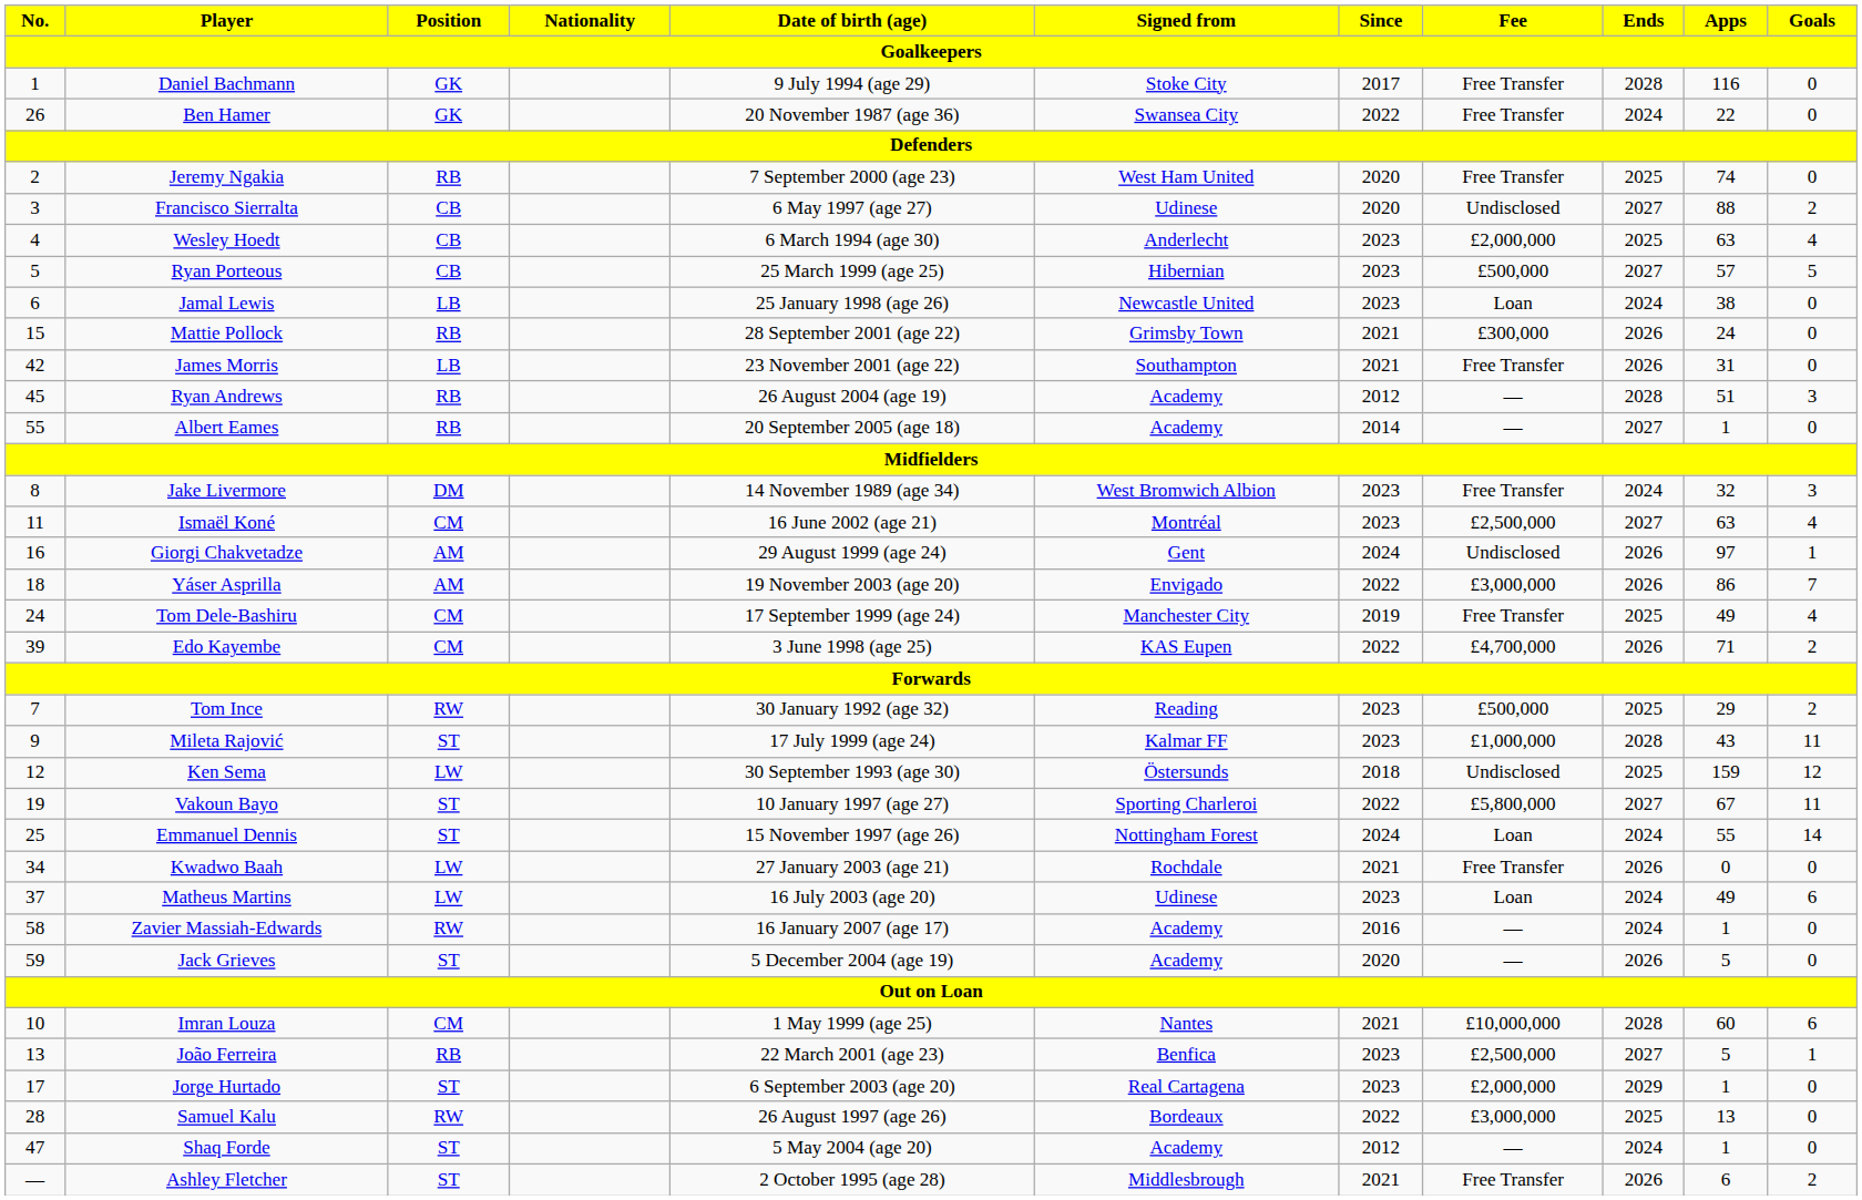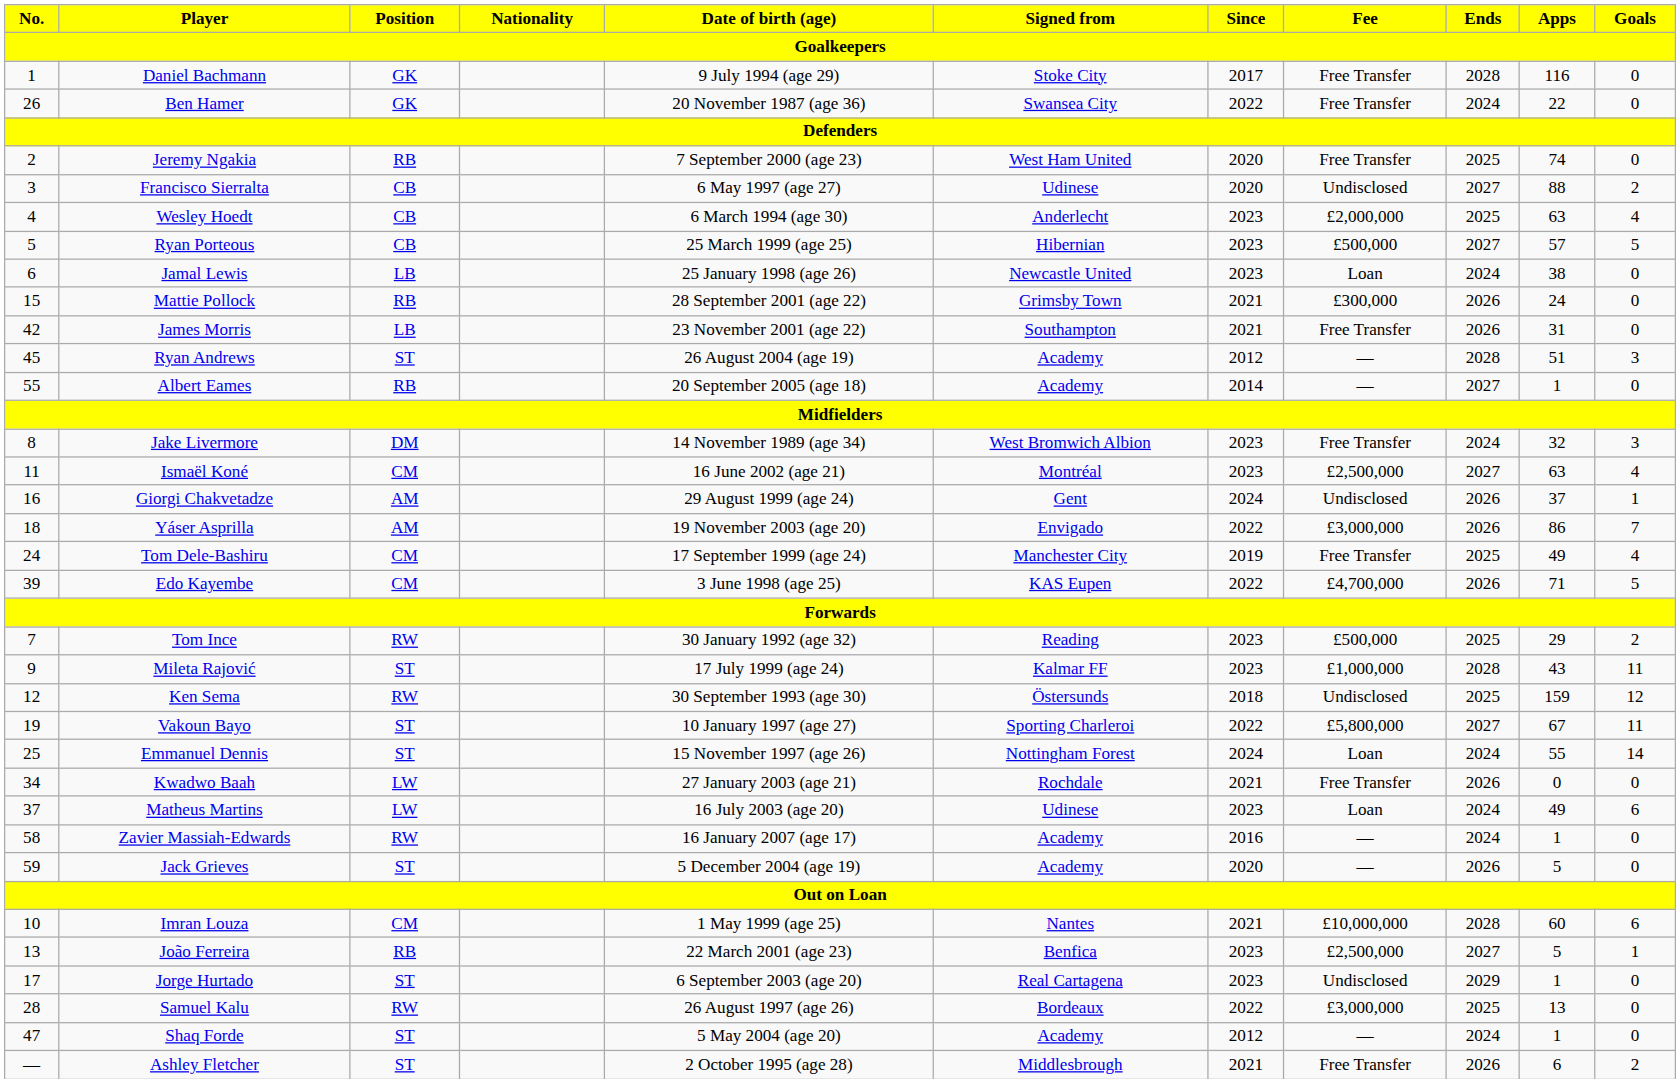 <table class="wikitable" style="text-align:center; font-size:85%; width:105%;">
 <tr>
 <th style="background:#FFFF00;color:black;">No.</th>
 <th style="background:#FFFF00;color:black;">Player</th>
 <th style="background:#FFFF00;color:black;">Position</th>
 <th style="background:#FFFF00;color:black;">Nationality</th>
 <th style="background:#FFFF00;color:black;">Date of birth (age)</th>
 <th style="background:#FFFF00;color:black;">Signed from</th>
 <th style="background:#FFFF00;color:black;">Since</th>
 <th style="background:#FFFF00;color:black;">Fee</th>
 <th style="background:#FFFF00;color:black;">Ends</th>
 <th style="background:#FFFF00;color:black;">Apps</th>
 <th style="background:#FFFF00;color:black;">Goals</th>
 </tr>
 <tr>
 <th colspan="14" style="background:#FFFF00; color:black; text-align:center;">Goalkeepers</th>
 </tr>
 <tr>
 <td>1</td>
 <td><a href='#'>Daniel Bachmann</a></td>
 <td><a href='#'>GK</a></td>
 <td></td>
 <td>9 July 1994 (age 29)</td>
 <td><a href='#'>Stoke City</a></td>
 <td>2017</td>
 <td>Free Transfer</td>
 <td>2028</td>
 <td>116</td>
 <td>0</td>
 </tr>
 <tr>
 <td>26</td>
 <td><a href='#'>Ben Hamer</a></td>
 <td><a href='#'>GK</a></td>
 <td></td>
 <td>20 November 1987 (age 36)</td>
 <td><a href='#'>Swansea City</a></td>
 <td>2022</td>
 <td>Free Transfer</td>
 <td>2024</td>
 <td>22</td>
 <td>0</td>
 </tr>
 <tr>
 <th colspan="14" style="background:#FFFF00; tepxt-align:center;">Defenders</th>
 </tr>
 <tr>
 <td>2</td>
 <td><a href='#'>Jeremy Ngakia</a></td>
 <td><a href='#'>RB</a></td>
 <td></td>
 <td>7 September 2000 (age 23)</td>
 <td><a href='#'>West Ham United</a></td>
 <td>2020</td>
 <td>Free Transfer</td>
 <td>2025</td>
 <td>74</td>
 <td>0</td>
 </tr>
 <tr>
 <td>3</td>
 <td><a href='#'>Francisco Sierralta</a></td>
 <td><a href='#'>CB</a></td>
 <td></td>
 <td>6 May 1997 (age 27)</td>
 <td><a href='#'>Udinese</a></td>
 <td>2020</td>
 <td>Undisclosed</td>
 <td>2027</td>
 <td>88</td>
 <td>2</td>
 </tr>
 <tr>
 <td>4</td>
 <td><a href='#'>Wesley Hoedt</a></td>
 <td><a href='#'>CB</a></td>
 <td></td>
 <td>6 March 1994 (age 30)</td>
 <td><a href='#'>Anderlecht</a></td>
 <td>2023</td>
 <td>£2,000,000</td>
 <td>2025</td>
 <td>63</td>
 <td>4</td>
 </tr>
 <tr>
 <td>5</td>
 <td><a href='#'>Ryan Porteous</a></td>
 <td><a href='#'>CB</a></td>
 <td></td>
 <td>25 March 1999 (age 25)</td>
 <td><a href='#'>Hibernian</a></td>
 <td>2023</td>
 <td>£500,000</td>
 <td>2027</td>
 <td>57</td>
 <td>5</td>
 </tr>
 <tr>
 <td>6</td>
 <td><a href='#'>Jamal Lewis</a></td>
 <td><a href='#'>LB</a></td>
 <td></td>
 <td>25 January 1998 (age 26)</td>
 <td><a href='#'>Newcastle United</a></td>
 <td>2023</td>
 <td>Loan</td>
 <td>2024</td>
 <td>38</td>
 <td>0</td>
 </tr>
 <tr>
 <td>15</td>
 <td><a href='#'>Mattie Pollock</a></td>
 <td><a href='#'>RB</a></td>
 <td></td>
 <td>28 September 2001 (age 22)</td>
 <td><a href='#'>Grimsby Town</a></td>
 <td>2021</td>
 <td>£300,000</td>
 <td>2026</td>
 <td>24</td>
 <td>0</td>
 </tr>
 <tr>
 <td>42</td>
 <td><a href='#'>James Morris</a></td>
 <td><a href='#'>LB</a></td>
 <td></td>
 <td>23 November 2001 (age 22)</td>
 <td><a href='#'>Southampton</a></td>
 <td>2021</td>
 <td>Free Transfer</td>
 <td>2026</td>
 <td>31</td>
 <td>0</td>
 </tr>
 <tr>
 <td>45</td>
 <td><a href='#'>Ryan Andrews</a></td>
-<td><a href='#'>RB</a></td>
+<td><a href='#'>ST</a></td>
 <td></td>
 <td>26 August 2004 (age 19)</td>
 <td><a href='#'>Academy</a></td>
 <td>2012</td>
 <td>—</td>
 <td>2028</td>
 <td>51</td>
 <td>3</td>
 </tr>
 <tr>
 <td>55</td>
 <td><a href='#'>Albert Eames</a></td>
 <td><a href='#'>RB</a></td>
 <td></td>
 <td>20 September 2005 (age 18)</td>
 <td><a href='#'>Academy</a></td>
 <td>2014</td>
 <td>—</td>
 <td>2027</td>
 <td>1</td>
 <td>0</td>
 </tr>
 <tr>
 <th colspan="14" style="background:#FFFF00; tepxt-align:center;">Midfielders</th>
 </tr>
 <tr>
 <td>8</td>
 <td><a href='#'>Jake Livermore</a></td>
 <td><a href='#'>DM</a></td>
 <td></td>
 <td>14 November 1989 (age 34)</td>
 <td><a href='#'>West Bromwich Albion</a></td>
 <td>2023</td>
 <td>Free Transfer</td>
 <td>2024</td>
 <td>32</td>
 <td>3</td>
 </tr>
 <tr>
 <td>11</td>
 <td><a href='#'>Ismaël Koné</a></td>
 <td><a href='#'>CM</a></td>
 <td></td>
 <td>16 June 2002 (age 21)</td>
 <td><a href='#'>Montréal</a></td>
 <td>2023</td>
 <td>£2,500,000</td>
 <td>2027</td>
 <td>63</td>
 <td>4</td>
 </tr>
 <tr>
 <td>16</td>
 <td><a href='#'>Giorgi Chakvetadze</a></td>
 <td><a href='#'>AM</a></td>
 <td></td>
 <td>29 August 1999 (age 24)</td>
 <td><a href='#'>Gent</a></td>
 <td>2024</td>
 <td>Undisclosed</td>
 <td>2026</td>
-<td>97</td>
+<td>37</td>
 <td>1</td>
 </tr>
 <tr>
 <td>18</td>
 <td><a href='#'>Yáser Asprilla</a></td>
 <td><a href='#'>AM</a></td>
 <td></td>
 <td>19 November 2003 (age 20)</td>
 <td><a href='#'>Envigado</a></td>
 <td>2022</td>
 <td>£3,000,000</td>
 <td>2026</td>
 <td>86</td>
 <td>7</td>
 </tr>
 <tr>
 <td>24</td>
 <td><a href='#'>Tom Dele-Bashiru</a></td>
 <td><a href='#'>CM</a></td>
 <td></td>
 <td>17 September 1999 (age 24)</td>
 <td><a href='#'>Manchester City</a></td>
 <td>2019</td>
 <td>Free Transfer</td>
 <td>2025</td>
 <td>49</td>
 <td>4</td>
 </tr>
 <tr>
 <td>39</td>
 <td><a href='#'>Edo Kayembe</a></td>
 <td><a href='#'>CM</a></td>
 <td></td>
 <td>3 June 1998 (age 25)</td>
 <td><a href='#'>KAS Eupen</a></td>
 <td>2022</td>
 <td>£4,700,000</td>
 <td>2026</td>
 <td>71</td>
-<td>2</td>
+<td>5</td>
 </tr>
 <tr>
 <th colspan="14" style="background:#FFFF00; tepxt-align:center;">Forwards</th>
 </tr>
 <tr>
 <td>7</td>
 <td><a href='#'>Tom Ince</a></td>
 <td><a href='#'>RW</a></td>
 <td></td>
 <td>30 January 1992 (age 32)</td>
 <td><a href='#'>Reading</a></td>
 <td>2023</td>
 <td>£500,000</td>
 <td>2025</td>
 <td>29</td>
 <td>2</td>
 </tr>
 <tr>
 <td>9</td>
 <td><a href='#'>Mileta Rajović</a></td>
 <td><a href='#'>ST</a></td>
 <td></td>
 <td>17 July 1999 (age 24)</td>
 <td><a href='#'>Kalmar FF</a></td>
 <td>2023</td>
 <td>£1,000,000</td>
 <td>2028</td>
 <td>43</td>
 <td>11</td>
 </tr>
 <tr>
 <td>12</td>
 <td><a href='#'>Ken Sema</a></td>
-<td><a href='#'>LW</a></td>
+<td><a href='#'>RW</a></td>
 <td></td>
 <td>30 September 1993 (age 30)</td>
 <td><a href='#'>Östersunds</a></td>
 <td>2018</td>
 <td>Undisclosed</td>
 <td>2025</td>
 <td>159</td>
 <td>12</td>
 </tr>
 <tr>
 <td>19</td>
 <td><a href='#'>Vakoun Bayo</a></td>
 <td><a href='#'>ST</a></td>
 <td></td>
 <td>10 January 1997 (age 27)</td>
 <td><a href='#'>Sporting Charleroi</a></td>
 <td>2022</td>
 <td>£5,800,000</td>
 <td>2027</td>
 <td>67</td>
 <td>11</td>
 </tr>
 <tr>
 <td>25</td>
 <td><a href='#'>Emmanuel Dennis</a></td>
 <td><a href='#'>ST</a></td>
 <td></td>
 <td>15 November 1997 (age 26)</td>
 <td><a href='#'>Nottingham Forest</a></td>
 <td>2024</td>
 <td>Loan</td>
 <td>2024</td>
 <td>55</td>
 <td>14</td>
 </tr>
 <tr>
 <td>34</td>
 <td><a href='#'>Kwadwo Baah</a></td>
 <td><a href='#'>LW</a></td>
 <td></td>
 <td>27 January 2003 (age 21)</td>
 <td><a href='#'>Rochdale</a></td>
 <td>2021</td>
 <td>Free Transfer</td>
 <td>2026</td>
 <td>0</td>
 <td>0</td>
 </tr>
 <tr>
 <td>37</td>
 <td><a href='#'>Matheus Martins</a></td>
 <td><a href='#'>LW</a></td>
 <td></td>
 <td>16 July 2003 (age 20)</td>
 <td><a href='#'>Udinese</a></td>
 <td>2023</td>
 <td>Loan</td>
 <td>2024</td>
 <td>49</td>
 <td>6</td>
 </tr>
 <tr>
 <td>58</td>
 <td><a href='#'>Zavier Massiah-Edwards</a></td>
 <td><a href='#'>RW</a></td>
 <td></td>
 <td>16 January 2007 (age 17)</td>
 <td><a href='#'>Academy</a></td>
 <td>2016</td>
 <td>—</td>
 <td>2024</td>
 <td>1</td>
 <td>0</td>
 </tr>
 <tr>
 <td>59</td>
 <td><a href='#'>Jack Grieves</a></td>
 <td><a href='#'>ST</a></td>
 <td></td>
 <td>5 December 2004 (age 19)</td>
 <td><a href='#'>Academy</a></td>
 <td>2020</td>
 <td>—</td>
 <td>2026</td>
 <td>5</td>
 <td>0</td>
 </tr>
 <tr>
 <th colspan="14" style="background:#FFFF00; tepxt-align:center;">Out on Loan</th>
 </tr>
 <tr>
 <td>10</td>
 <td><a href='#'>Imran Louza</a></td>
 <td><a href='#'>CM</a></td>
 <td></td>
 <td>1 May 1999 (age 25)</td>
 <td><a href='#'>Nantes</a></td>
 <td>2021</td>
 <td>£10,000,000</td>
 <td>2028</td>
 <td>60</td>
 <td>6</td>
 </tr>
 <tr>
 <td>13</td>
 <td><a href='#'>João Ferreira</a></td>
 <td><a href='#'>RB</a></td>
 <td></td>
 <td>22 March 2001 (age 23)</td>
 <td><a href='#'>Benfica</a></td>
 <td>2023</td>
 <td>£2,500,000</td>
 <td>2027</td>
 <td>5</td>
 <td>1</td>
 </tr>
 <tr>
 <td>17</td>
 <td><a href='#'>Jorge Hurtado</a></td>
 <td><a href='#'>ST</a></td>
 <td></td>
 <td>6 September 2003 (age 20)</td>
 <td><a href='#'>Real Cartagena</a></td>
 <td>2023</td>
-<td>£2,000,000</td>
+<td>Undisclosed</td>
 <td>2029</td>
 <td>1</td>
 <td>0</td>
 </tr>
 <tr>
 <td>28</td>
 <td><a href='#'>Samuel Kalu</a></td>
 <td><a href='#'>RW</a></td>
 <td></td>
 <td>26 August 1997 (age 26)</td>
 <td><a href='#'>Bordeaux</a></td>
 <td>2022</td>
 <td>£3,000,000</td>
 <td>2025</td>
 <td>13</td>
 <td>0</td>
 </tr>
 <tr>
 <td>47</td>
 <td><a href='#'>Shaq Forde</a></td>
 <td><a href='#'>ST</a></td>
 <td></td>
 <td>5 May 2004 (age 20)</td>
 <td><a href='#'>Academy</a></td>
 <td>2012</td>
 <td>—</td>
 <td>2024</td>
 <td>1</td>
 <td>0</td>
 </tr>
 <tr>
 <td>—</td>
 <td><a href='#'>Ashley Fletcher</a></td>
 <td><a href='#'>ST</a></td>
 <td></td>
 <td>2 October 1995 (age 28)</td>
 <td><a href='#'>Middlesbrough</a></td>
 <td>2021</td>
 <td>Free Transfer</td>
 <td>2026</td>
 <td>6</td>
 <td>2</td>
 </tr>
 </table>
